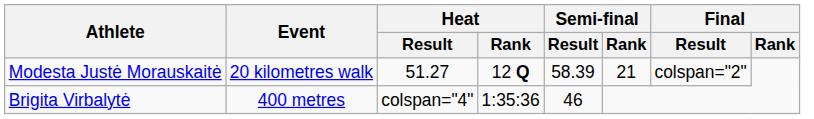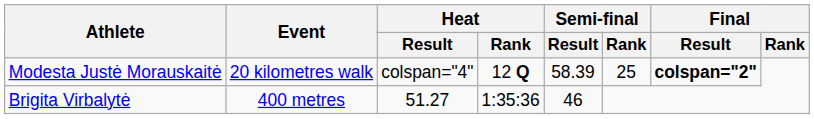 <table class=wikitable style=font-size:90%>
 <tr>
 <th rowspan=2>Athlete</th>
 <th rowspan=2>Event</th>
 <th colspan=2>Heat</th>
 <th colspan=2>Semi-final</th>
 <th colspan=2>Final</th>
 </tr>
 <tr style=font-size:95%>
 <th>Result</th>
 <th>Rank</th>
 <th>Result</th>
 <th>Rank</th>
 <th>Result</th>
 <th>Rank</th>
 </tr>
 <tr align=center>
 <td align=left><a href='#'>Modesta Justė Morauskaitė</a></td>
 <td><a href='#'>20 kilometres walk</a></td>
-<td>51.27</td>
+<td>colspan="4" </td>
 <td>12 <strong>Q</strong></td>
 <td>58.39</td>
-<td>21</td>
-<td>colspan="2" </td>
+<td>25</td>
+<td><strong>colspan="2" </strong></td>
 </tr>
 <tr align=center>
 <td align=left><a href='#'>Brigita Virbalytė</a></td>
 <td><a href='#'>400 metres</a></td>
-<td>colspan="4" </td>
+<td>51.27</td>
 <td>1:35:36</td>
 <td>46</td>
 </tr>
 </table>
